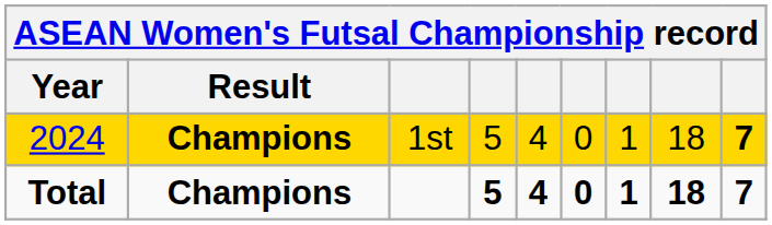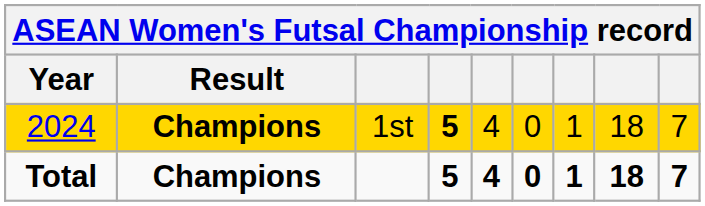 <table class="wikitable" style="text-align: center;font-size:90%;">
 <tr>
 <th colspan="9"><a href='#'>ASEAN Women's Futsal Championship</a> record</th>
 </tr>
 <tr>
 <th>Year</th>
 <th>Result</th>
 <th></th>
 <th></th>
 <th></th>
 <th></th>
 <th></th>
 <th></th>
 <th></th>
 </tr>
 <tr style="background:gold;">
 <td> <a href='#'>2024</a></td>
 <td><strong>Champions</strong></td>
 <td>1st</td>
-<td>5</td>
+<td><strong>5</strong></td>
 <td>4</td>
 <td>0</td>
 <td>1</td>
 <td>18</td>
-<td><strong>7</strong></td>
+<td>7</td>
 </tr>
 <tr>
 <td><strong>Total</strong></td>
 <td><strong>Champions</strong></td>
 <td><strong></strong></td>
 <td><strong>5</strong></td>
 <td><strong>4</strong></td>
 <td><strong>0</strong></td>
 <td><strong>1</strong></td>
 <td><strong>18</strong></td>
 <td><strong>7</strong></td>
 </tr>
 </table>
